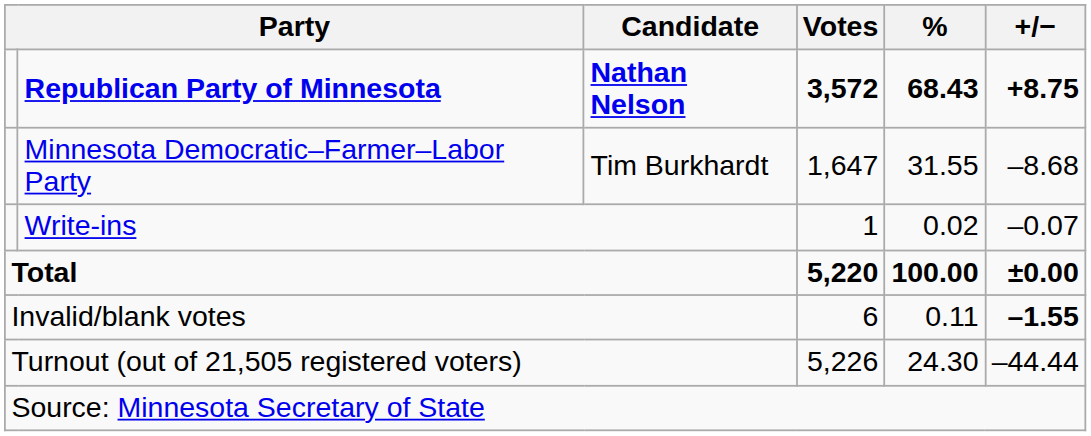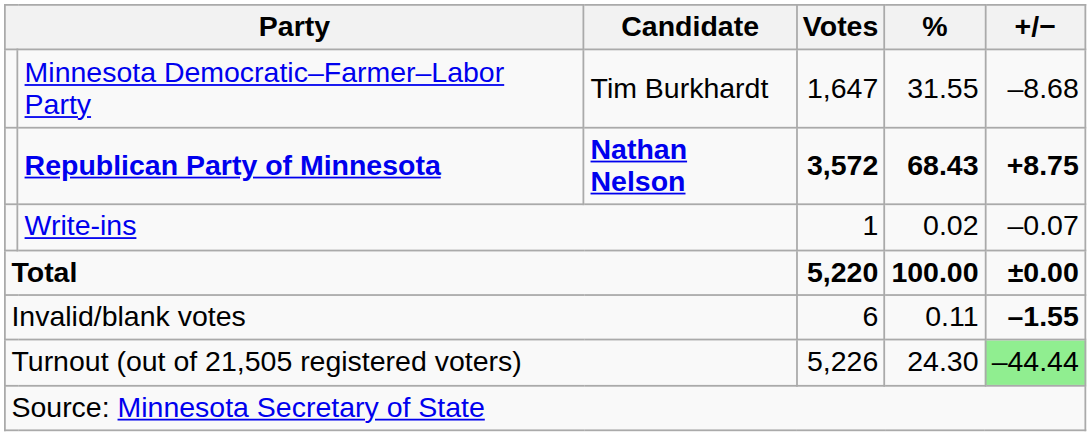 <table class="wikitable">
 <tr>
 <th colspan="2">Party</th>
 <th>Candidate</th>
 <th>Votes</th>
 <th>%</th>
 <th>+/−</th>
 </tr>
 <tr>
 <td style="background-color:"></td>
+<td><a href='#'>Minnesota Democratic–Farmer–Labor Party</a></td>
+<td>Tim Burkhardt</td>
+<td align="right">1,647</td>
+<td align="right">31.55</td>
+<td align="right">–8.68</td>
+</tr>
+<tr>
+<td style="background-color:"></td>
 <td><strong><a href='#'>Republican Party of Minnesota</a></strong></td>
 <td><strong><a href='#'>Nathan Nelson</a></strong></td>
 <td style="font-weight:bold" align="right">3,572</td>
 <td style="font-weight:bold" align="right">68.43</td>
 <td style="font-weight:bold" align="right">+8.75</td>
-</tr>
-<tr>
-<td style="background-color:"></td>
-<td><a href='#'>Minnesota Democratic–Farmer–Labor Party</a></td>
-<td>Tim Burkhardt</td>
-<td align="right">1,647</td>
-<td align="right">31.55</td>
-<td align="right">–8.68</td>
 </tr>
 <tr>
 <td style="background-color:"></td>
 <td colspan="2"><a href='#'>Write-ins</a></td>
 <td align="right">1</td>
 <td align="right">0.02</td>
 <td align="right">–0.07</td>
 </tr>
 <tr>
 <td colspan="3"><strong>Total</strong></td>
 <td style="font-weight:bold" align="right">5,220</td>
 <td style="font-weight:bold" align="right">100.00</td>
 <td style="font-weight:bold" align="right">±0.00</td>
 </tr>
 <tr>
 <td colspan="3">Invalid/blank votes</td>
 <td align="right">6</td>
 <td align="right">0.11</td>
 <td align="right"><strong>–1.55</strong></td>
 </tr>
 <tr>
 <td colspan="3">Turnout (out of 21,505 registered voters)</td>
 <td align="right">5,226</td>
 <td align="right">24.30</td>
-<td align="right">–44.44</td>
+<td align="right" style="background: lightgreen;">–44.44</td>
 </tr>
 <tr>
 <td colspan="6">Source: <a href='#'>Minnesota Secretary of State</a></td>
 </tr>
 </table>
